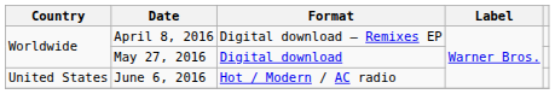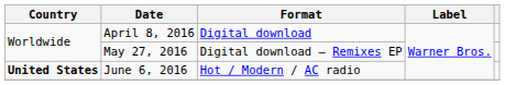 <table class="wikitable">
 <tr>
 <th>Country</th>
 <th>Date</th>
 <th>Format</th>
 <th>Label</th>
 <th></th>
 </tr>
 <tr>
 <td rowspan="2">Worldwide</td>
 <td>April 8, 2016</td>
-<td>Digital download – <a href='#'>Remixes</a> EP</td>
+<td><a href='#'>Digital download</a></td>
 <td rowspan="3"><a href='#'>Warner Bros.</a></td>
 <td></td>
 </tr>
 <tr>
 <td>May 27, 2016</td>
-<td><a href='#'>Digital download</a></td>
+<td>Digital download – <a href='#'>Remixes</a> EP</td>
 <td></td>
 </tr>
 <tr>
-<td>United States</td>
+<td><strong>United States</strong></td>
 <td>June 6, 2016</td>
 <td><a href='#'>Hot / Modern</a> / <a href='#'>AC</a> radio</td>
 <td></td>
 </tr>
 <tr>
 </tr>
 </table>
